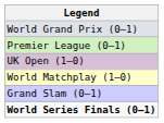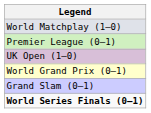 <table class="wikitable">
 <tr>
 <th>Legend</th>
 </tr>
 <tr style="background:#dfe2e9;">
-<td>World Grand Prix (0–1)</td>
+<td>World Matchplay (1–0)</td>
 </tr>
 <tr style="background:#d0f0c0;">
 <td>Premier League (0–1)</td>
 </tr>
 <tr style="background:thistle;">
 <td>UK Open (1–0)</td>
 </tr>
 <tr style="background:#ffc;">
-<td>World Matchplay (1–0)</td>
+<td>World Grand Prix (0–1)</td>
 </tr>
 <tr style="background:#ccf;">
 <td>Grand Slam (0–1)</td>
 </tr>
 <tr>
 <td><strong>World Series Finals (0–1)</strong></td>
 </tr>
 </table>
